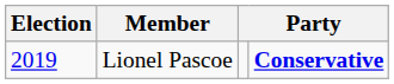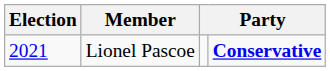 <table class="wikitable">
 <tr>
 <th>Election</th>
 <th>Member</th>
 <th colspan="2">Party</th>
 </tr>
 <tr>
-<td><a href='#'>2019</a></td>
+<td><a href='#'>2021</a></td>
 <td>Lionel Pascoe</td>
 <td style="background-color: "></td>
 <td><strong><a href='#'>Conservative</a></strong></td>
 </tr>
 </table>
